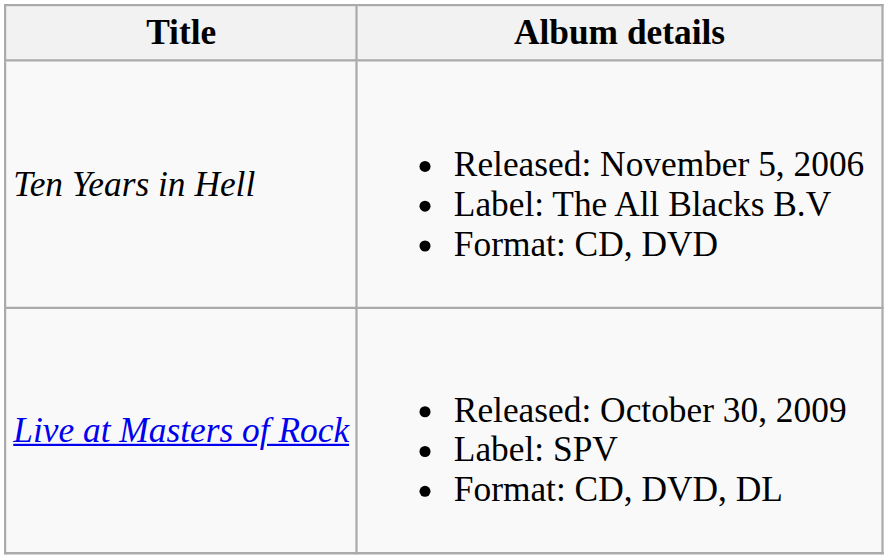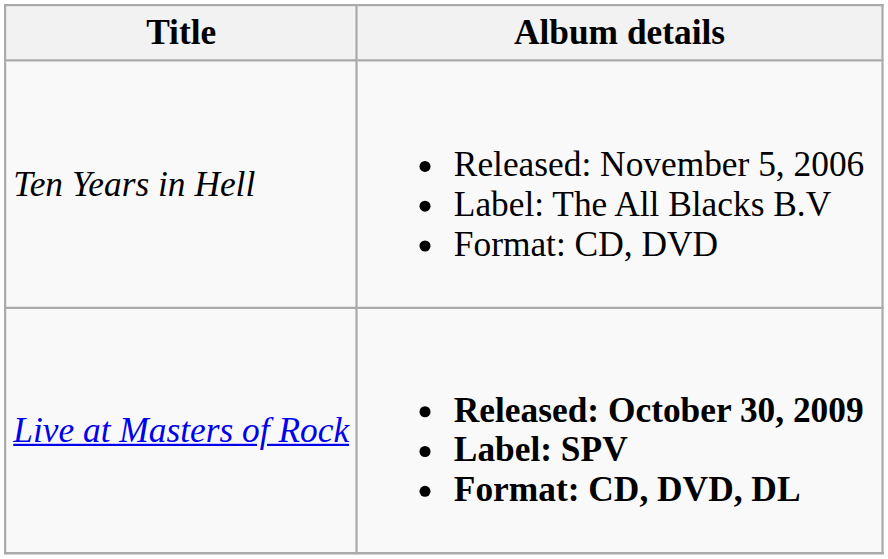 <table class="wikitable">
 <tr>
 <th>Title</th>
 <th width="230">Album details</th>
 </tr>
 <tr>
 <td><em>Ten Years in Hell</em></td>
 <td><br><ul><li>Released: November 5, 2006</li><li>Label: The All Blacks B.V</li><li>Format: CD, DVD</li></ul></td>
 </tr>
 <tr>
 <td><em><a href='#'>Live at Masters of Rock</a></em></td>
-<td><br><ul><li>Released: October 30, 2009</li><li>Label: SPV</li><li>Format: CD, DVD, DL</li></ul></td>
+<td><strong><br><ul><li>Released: October 30, 2009</li><li>Label: SPV</li><li>Format: CD, DVD, DL</li></ul></strong></td>
 </tr>
 <tr>
 </tr>
 </table>
